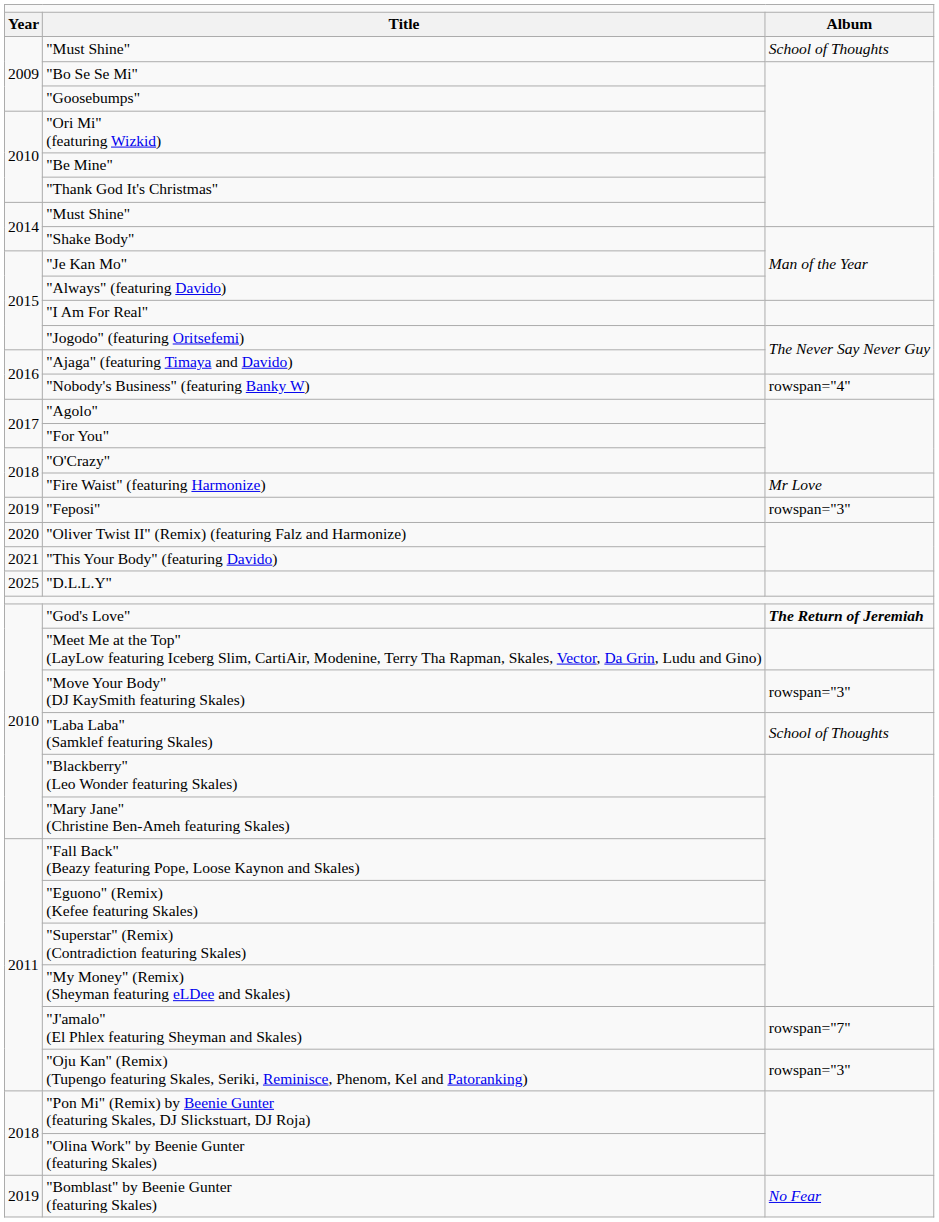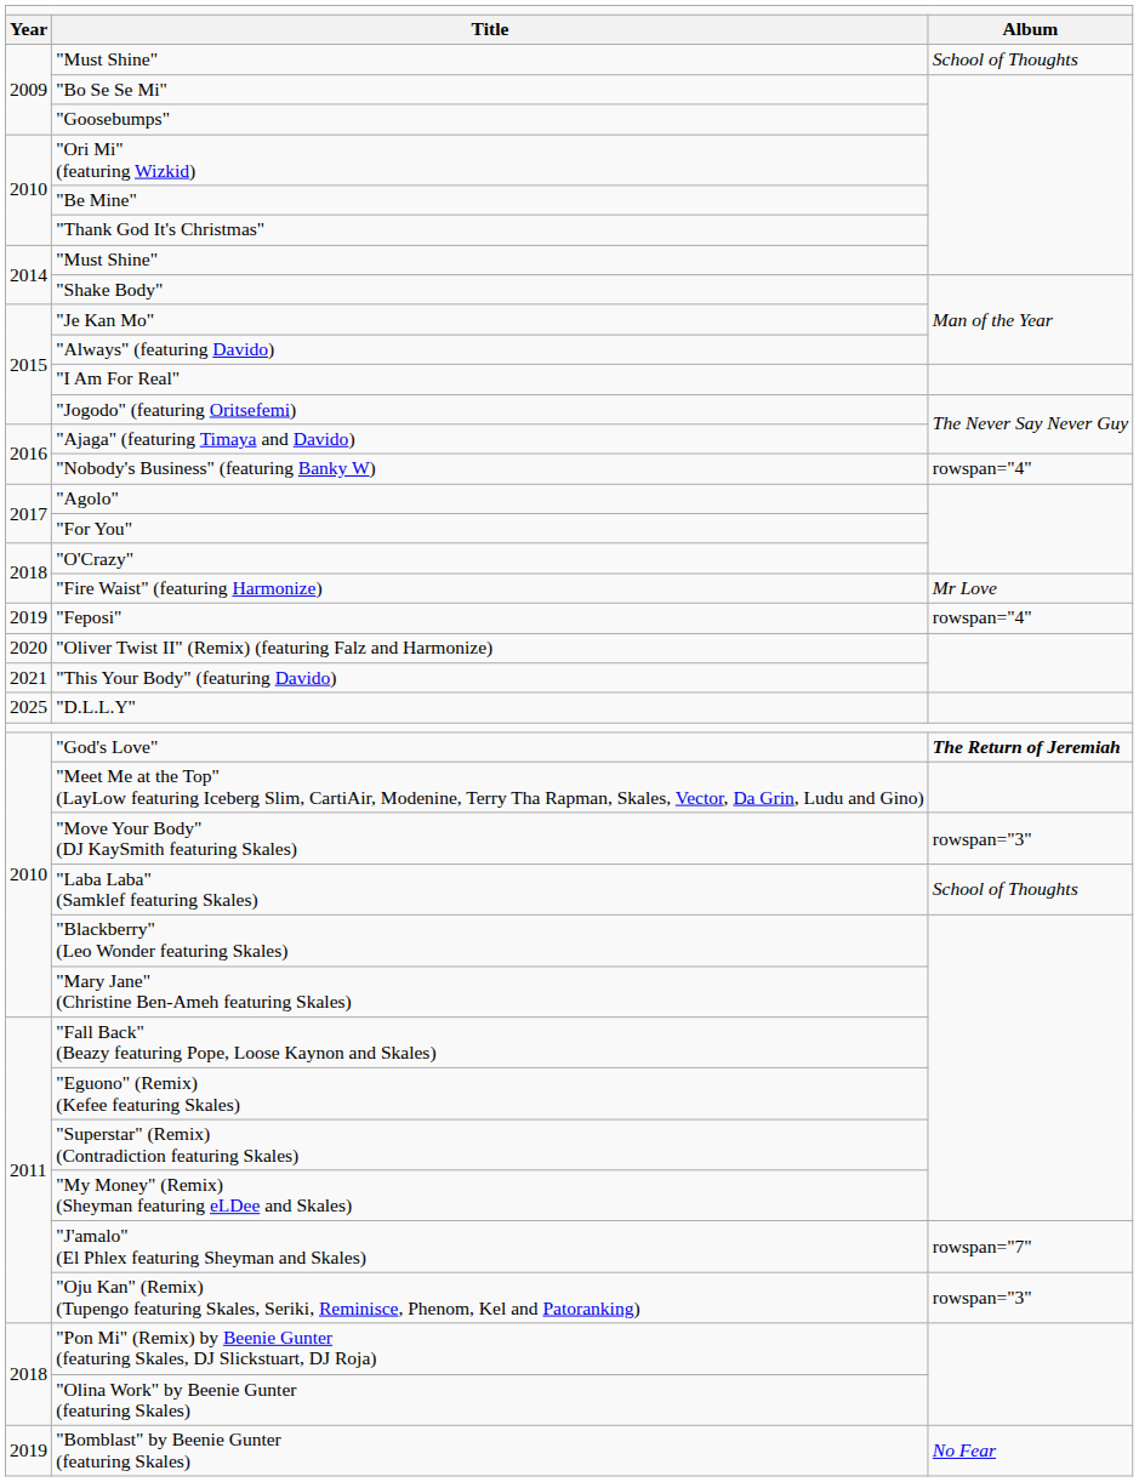 <table class="wikitable sortable">
 <tr>
 <td colspan="3" style="font-size:110%"></td>
 </tr>
 <tr>
 <th>Year</th>
 <th>Title</th>
 <th>Album</th>
 </tr>
 <tr>
 <td rowspan="3">2009</td>
 <td>"Must Shine"</td>
 <td><em>School of Thoughts</em></td>
 </tr>
 <tr>
 <td>"Bo Se Se Mi"</td>
 </tr>
 <tr>
 <td>"Goosebumps"</td>
 </tr>
 <tr>
 <td rowspan="3">2010</td>
 <td>"Ori Mi"  <br><span>(featuring <a href='#'>Wizkid</a>)</span></td>
 </tr>
 <tr>
 <td>"Be Mine"</td>
 </tr>
 <tr>
 <td>"Thank God It's Christmas"</td>
 </tr>
 <tr>
 <td rowspan="2">2014</td>
 <td>"Must Shine"</td>
 </tr>
 <tr>
 <td>"Shake Body"</td>
 <td rowspan="3"><em>Man of the Year</em></td>
 </tr>
 <tr>
 <td rowspan="4">2015</td>
 <td>"Je Kan Mo" </td>
 </tr>
 <tr>
 <td>"Always" <span>(featuring <a href='#'>Davido</a>)</span></td>
 </tr>
 <tr>
 <td>"I Am For Real"</td>
 <td></td>
 </tr>
 <tr>
 <td>"Jogodo" <span>(featuring <a href='#'>Oritsefemi</a>)</span></td>
 <td rowspan="2"><em>The Never Say Never Guy</em></td>
 </tr>
 <tr>
 <td rowspan="2">2016</td>
 <td>"Ajaga" <span>(featuring <a href='#'>Timaya</a> and <a href='#'>Davido</a>)</span></td>
 </tr>
 <tr>
 <td>"Nobody's Business" <span>(featuring <a href='#'>Banky W</a>)</span></td>
 <td>rowspan="4" </td>
 </tr>
 <tr>
 <td rowspan="2">2017</td>
 <td>"Agolo"</td>
 </tr>
 <tr>
 <td>"For You"</td>
 </tr>
 <tr>
 <td rowspan="2">2018</td>
 <td>"O'Crazy"</td>
 </tr>
 <tr>
 <td>"Fire Waist" <span>(featuring <a href='#'>Harmonize</a>)</span></td>
 <td><em>Mr Love</em></td>
 </tr>
 <tr>
 <td>2019</td>
 <td>"Feposi"</td>
-<td>rowspan="3" </td>
+<td>rowspan="4" </td>
 </tr>
 <tr>
 <td>2020</td>
 <td>"Oliver Twist II" (Remix) <span>(featuring Falz and Harmonize)</span></td>
 </tr>
 <tr>
 <td>2021</td>
 <td>"This Your Body" <span>(featuring <a href='#'>Davido</a>)</span></td>
 </tr>
 <tr>
 <td>2025</td>
 <td>"D.L.L.Y"</td>
 <td></td>
 </tr>
 <tr>
 <td colspan="3" style="font-size:110%"></td>
 </tr>
 <tr>
 <td rowspan="6">2010</td>
 <td>"God's Love"</td>
 <td><strong><em>The Return of Jeremiah</em></strong></td>
 </tr>
 <tr>
 <td>"Meet Me at the Top" <br><span>(LayLow featuring Iceberg Slim, CartiAir, Modenine, Terry Tha Rapman, Skales, <a href='#'>Vector</a>, <a href='#'>Da Grin</a>, Ludu and Gino)</span></td>
 <td></td>
 </tr>
 <tr>
 <td>"Move Your Body" <br><span>(DJ KaySmith featuring Skales)</span></td>
 <td>rowspan="3" </td>
 </tr>
 <tr>
 <td>"Laba Laba" <br><span>(Samklef featuring Skales)</span></td>
 <td><em>School of Thoughts</em></td>
 </tr>
 <tr>
 <td>"Blackberry" <br><span>(Leo Wonder featuring Skales)</span></td>
 </tr>
 <tr>
 <td>"Mary Jane" <br><span>(Christine Ben-Ameh featuring Skales)</span></td>
 </tr>
 <tr>
 <td rowspan="6">2011</td>
 <td>"Fall Back" <br><span>(Beazy featuring Pope, Loose Kaynon and Skales)</span></td>
 </tr>
 <tr>
 <td>"Eguono" (Remix) <br><span>(Kefee featuring Skales)</span></td>
 </tr>
 <tr>
 <td>"Superstar" (Remix) <br><span>(Contradiction featuring Skales)</span></td>
 </tr>
 <tr>
 <td>"My Money" (Remix) <br><span>(Sheyman featuring <a href='#'>eLDee</a> and Skales)</span></td>
 </tr>
 <tr>
 <td>"J'amalo" <br><span>(El Phlex featuring Sheyman and Skales)</span></td>
 <td>rowspan="7" </td>
 </tr>
 <tr>
 <td>"Oju Kan" (Remix) <br><span>(Tupengo featuring Skales, Seriki, <a href='#'>Reminisce</a>, Phenom, Kel and <a href='#'>Patoranking</a>)</span></td>
 <td>rowspan="3" </td>
 </tr>
 <tr>
 <td rowspan="2">2018</td>
 <td>"Pon Mi" (Remix) by <a href='#'>Beenie Gunter</a> <br><span>(featuring Skales, DJ Slickstuart, DJ Roja)</span></td>
 </tr>
 <tr>
 <td>"Olina Work" by Beenie Gunter <br><span>(featuring Skales)</span></td>
 </tr>
 <tr>
 <td>2019</td>
 <td>"Bomblast" by Beenie Gunter <br><span>(featuring Skales)</span></td>
 <td><em><a href='#'>No Fear</a></em></td>
 </tr>
 </table>
